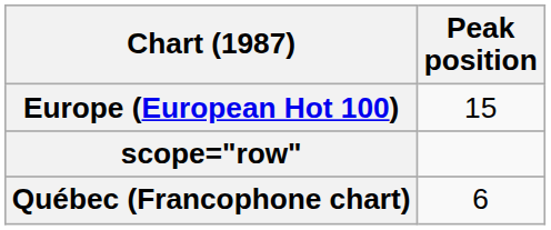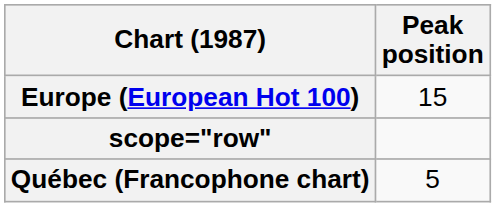 <table class="wikitable sortable plainrowheaders">
 <tr>
 <th>Chart (1987)</th>
 <th>Peak<br>position</th>
 </tr>
 <tr>
 <th scope="row">Europe (<a href='#'>European Hot 100</a>)</th>
 <td align="center">15</td>
 </tr>
 <tr>
 <th>scope="row"</th>
 </tr>
 <tr>
 <th scope="row">Québec (Francophone chart)</th>
-<td align="center">6</td>
+<td align="center">5</td>
 </tr>
 </table>
